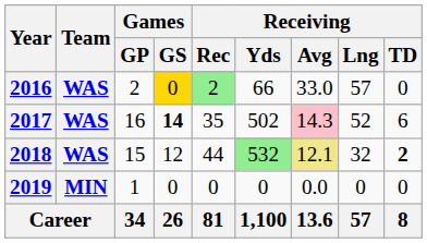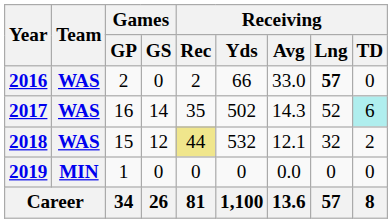 <table class="wikitable" style="text-align:center;">
 <tr>
 <th rowspan="2">Year</th>
 <th rowspan="2">Team</th>
 <th colspan="2">Games</th>
 <th colspan="5">Receiving</th>
 </tr>
 <tr>
 <th>GP</th>
 <th>GS</th>
 <th>Rec</th>
 <th>Yds</th>
 <th>Avg</th>
 <th>Lng</th>
 <th>TD</th>
 </tr>
 <tr>
 <th><a href='#'>2016</a></th>
 <th><a href='#'>WAS</a></th>
 <td>2</td>
-<td style="background: gold;">0</td>
-<td style="background: lightgreen;">2</td>
+<td>0</td>
+<td>2</td>
 <td>66</td>
 <td>33.0</td>
-<td>57</td>
+<td><strong>57</strong></td>
 <td>0</td>
 </tr>
 <tr>
 <th><a href='#'>2017</a></th>
 <th><a href='#'>WAS</a></th>
 <td>16</td>
-<td><strong>14</strong></td>
+<td>14</td>
 <td>35</td>
 <td>502</td>
-<td style="background: pink;">14.3</td>
+<td>14.3</td>
 <td>52</td>
-<td>6</td>
+<td style="background: paleturquoise;">6</td>
 </tr>
 <tr>
 <th><a href='#'>2018</a></th>
 <th><a href='#'>WAS</a></th>
 <td>15</td>
 <td>12</td>
-<td>44</td>
-<td style="background: lightgreen;">532</td>
-<td style="background: khaki;">12.1</td>
+<td style="background: khaki;">44</td>
+<td>532</td>
+<td>12.1</td>
 <td>32</td>
-<td><strong>2</strong></td>
+<td>2</td>
 </tr>
 <tr>
 <th><a href='#'>2019</a></th>
 <th><a href='#'>MIN</a></th>
 <td>1</td>
 <td>0</td>
 <td>0</td>
 <td>0</td>
 <td>0.0</td>
 <td>0</td>
 <td>0</td>
 </tr>
 <tr>
 <th colspan="2">Career</th>
 <th>34</th>
 <th>26</th>
 <th>81</th>
 <th>1,100</th>
 <th>13.6</th>
 <th>57</th>
 <th>8</th>
 </tr>
 </table>
